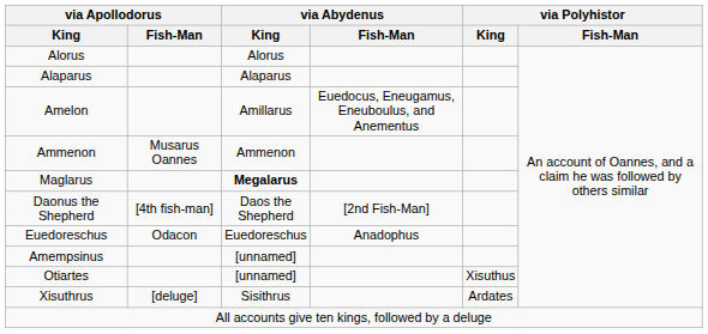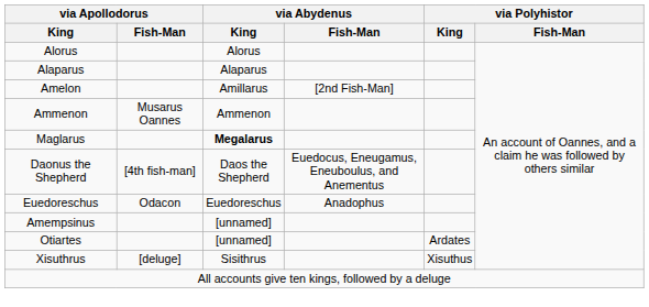 <table class="wikitable" style="text-align:center;">
 <tr>
 <th colspan=2 style="width:33%;">via Apollodorus</th>
 <th colspan=2 style="width:33%;">via Abydenus</th>
 <th colspan=2 style="width:34%;">via Polyhistor</th>
 </tr>
 <tr>
 <th>King</th>
 <th>Fish-Man</th>
 <th>King</th>
 <th>Fish-Man</th>
 <th>King</th>
 <th>Fish-Man</th>
 </tr>
 <tr>
 <td> Alorus</td>
 <td></td>
 <td>Alorus</td>
 <td></td>
 <td></td>
 <td rowspan=10 style="align:top;"> An account of Oannes, and a claim he was followed by others similar</td>
 </tr>
 <tr>
 <td>Alaparus</td>
 <td></td>
 <td>Alaparus</td>
 <td></td>
 <td></td>
 </tr>
 <tr>
 <td>Amelon</td>
 <td></td>
 <td>Amillarus</td>
-<td> Euedocus, Eneugamus, Eneuboulus, and Anementus</td>
+<td>[2nd Fish-Man]</td>
 <td></td>
 </tr>
 <tr>
 <td>Ammenon</td>
 <td> Musarus Oannes</td>
 <td>Ammenon</td>
 <td></td>
 <td></td>
 </tr>
 <tr>
 <td>Maglarus</td>
 <td></td>
 <td><strong>Megalarus</strong></td>
 <td></td>
 <td></td>
 </tr>
 <tr>
 <td>Daonus the Shepherd</td>
 <td> [4th fish-man]</td>
 <td>Daos the Shepherd</td>
-<td>[2nd Fish-Man]</td>
+<td> Euedocus, Eneugamus, Eneuboulus, and Anementus</td>
 <td></td>
 </tr>
 <tr>
 <td>Euedoreschus</td>
 <td> Odacon</td>
 <td>Euedoreschus</td>
 <td>Anadophus</td>
 <td></td>
 </tr>
 <tr>
 <td> Amempsinus</td>
 <td></td>
 <td> [unnamed]</td>
 <td></td>
 <td></td>
 </tr>
 <tr>
 <td>Otiartes</td>
 <td></td>
 <td> [unnamed]</td>
 <td></td>
-<td>Xisuthus</td>
+<td>Ardates</td>
 </tr>
 <tr>
 <td>Xisuthrus</td>
 <td> [deluge]</td>
 <td> Sisithrus</td>
 <td></td>
-<td>Ardates</td>
+<td>Xisuthus</td>
 </tr>
 <tr>
 <td colspan=6>All accounts give ten kings, followed by a deluge</td>
 </tr>
 </table>
